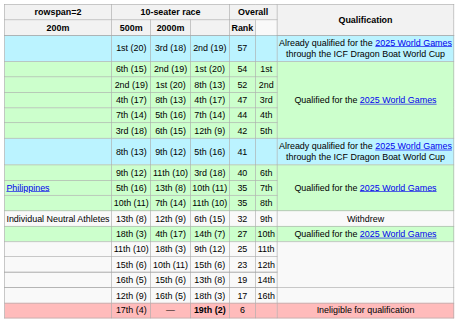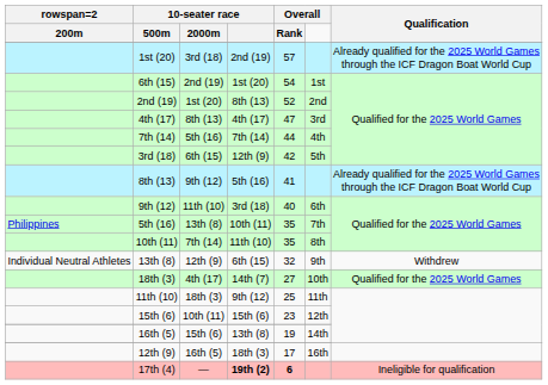 <table class="wikitable sortable" style="font-size:90%; line-height:1.25em; text-align:center;">
 <tr>
 <th>rowspan=2</th>
 <th colspan=3>10-seater race</th>
 <th colspan=2>Overall</th>
 <th rowspan=2>Qualification</th>
 </tr>
 <tr>
 <th>200m</th>
 <th>500m</th>
 <th>2000m</th>
 <th></th>
 <th>Rank</th>
 </tr>
 <tr>
 </tr>
 <tr bgcolor=#BBF3FF>
 <td align=left></td>
 <td>1st (20)</td>
 <td>3rd (18)</td>
 <td>2nd (19)</td>
 <td>57</td>
 <td></td>
 <td>Already qualified for the <a href='#'>2025 World Games</a><br>through the ICF Dragon Boat World Cup</td>
 </tr>
 <tr bgcolor=#CCFFCC>
 <td align=left></td>
 <td>6th (15)</td>
 <td>2nd (19)</td>
 <td>1st (20)</td>
 <td>54</td>
 <td>1st</td>
 <td rowspan=5>Qualified for the <a href='#'>2025 World Games</a></td>
 </tr>
 <tr bgcolor=#CCFFCC>
 <td align=left></td>
 <td>2nd (19)</td>
 <td>1st (20)</td>
 <td>8th (13)</td>
 <td>52</td>
 <td>2nd</td>
 </tr>
 <tr bgcolor=#CCFFCC>
 <td align=left></td>
 <td>4th (17)</td>
 <td>8th (13)</td>
 <td>4th (17)</td>
 <td>47</td>
 <td>3rd</td>
 </tr>
 <tr bgcolor=#CCFFCC>
 <td align=left></td>
 <td>7th (14)</td>
 <td>5th (16)</td>
 <td>7th (14)</td>
 <td>44</td>
 <td>4th</td>
 </tr>
 <tr bgcolor=#CCFFCC>
 <td align=left></td>
 <td>3rd (18)</td>
 <td>6th (15)</td>
 <td>12th (9)</td>
 <td>42</td>
 <td>5th</td>
 </tr>
 <tr bgcolor=#BBF3FF>
 <td align=left></td>
 <td>8th (13)</td>
 <td>9th (12)</td>
 <td>5th (16)</td>
 <td>41</td>
 <td></td>
 <td>Already qualified for the <a href='#'>2025 World Games</a><br>through the ICF Dragon Boat World Cup</td>
 </tr>
 <tr bgcolor=#CCFFCC>
 <td align=left></td>
 <td>9th (12)</td>
 <td>11th (10)</td>
 <td>3rd (18)</td>
 <td>40</td>
 <td>6th</td>
 <td rowspan=3>Qualified for the <a href='#'>2025 World Games</a></td>
 </tr>
 <tr bgcolor=#CCFFCC>
 <td align=left> <a href='#'>Philippines</a></td>
 <td>5th (16)</td>
 <td>13th (8)</td>
 <td>10th (11)</td>
 <td>35</td>
 <td>7th</td>
 </tr>
 <tr bgcolor=#CCFFCC>
 <td align=left></td>
 <td>10th (11)</td>
 <td>7th (14)</td>
 <td>11th (10)</td>
 <td>35</td>
 <td>8th</td>
 </tr>
 <tr>
 <td align=left> Individual Neutral Athletes</td>
 <td>13th (8)</td>
 <td>12th (9)</td>
 <td>6th (15)</td>
 <td>32</td>
 <td>9th</td>
 <td>Withdrew</td>
 </tr>
 <tr bgcolor=#CCFFCC>
 <td align=left></td>
 <td>18th (3)</td>
 <td>4th (17)</td>
 <td>14th (7)</td>
 <td>27</td>
 <td>10th</td>
 <td>Qualified for the <a href='#'>2025 World Games</a></td>
 </tr>
 <tr>
 <td align=left></td>
 <td>11th (10)</td>
 <td>18th (3)</td>
 <td>9th (12)</td>
 <td>25</td>
 <td>11th</td>
 <td rowspan=4></td>
 </tr>
 <tr>
 <td align=left></td>
 <td>15th (6)</td>
 <td>10th (11)</td>
 <td>15th (6)</td>
 <td>23</td>
 <td>12th</td>
 </tr>
 <tr |align=left|>
 </tr>
 <tr>
 <td align=left></td>
 <td>16th (5)</td>
 <td>15th (6)</td>
 <td>13th (8)</td>
 <td>19</td>
 <td>14th</td>
 </tr>
 <tr |align=left|>
 </tr>
 <tr>
 <td align=left></td>
 <td>12th (9)</td>
 <td>16th (5)</td>
 <td>18th (3)</td>
 <td>17</td>
 <td>16th</td>
 </tr>
 <tr bgcolor=#FFBBBB>
 <td align=left></td>
 <td>17th (4)</td>
 <td>—</td>
 <td><strong>19th (2)</strong></td>
-<td>6</td>
+<td><strong>6</strong></td>
 <td></td>
 <td rowspan=4>Ineligible for qualification</td>
 </tr>
 </table>
